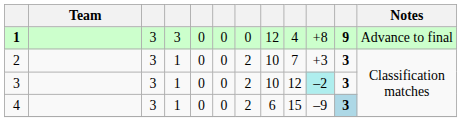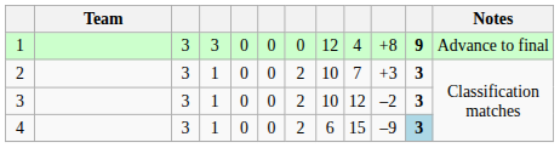 <table class="wikitable" style="text-align: center; font-size: 97%;">
 <tr>
 <th width="20"></th>
 <th width="120">Team</th>
 <th width="18"></th>
 <th width="22"></th>
 <th width="18"></th>
 <th width="18"></th>
 <th width="22"></th>
 <th width="18"></th>
 <th width="18"></th>
 <th width="25"></th>
 <th width="18"></th>
 <th width="105">Notes</th>
 </tr>
 <tr style="background-color: #ccffcc;">
-<td><strong>1</strong></td>
+<td>1</td>
 <td align=left></td>
 <td>3</td>
 <td>3</td>
 <td>0</td>
 <td>0</td>
 <td>0</td>
 <td>12</td>
 <td>4</td>
 <td>+8</td>
 <td><strong>9</strong></td>
 <td>Advance to final</td>
 </tr>
 <tr>
 <td>2</td>
 <td align=left></td>
 <td>3</td>
 <td>1</td>
 <td>0</td>
 <td>0</td>
 <td>2</td>
 <td>10</td>
 <td>7</td>
 <td>+3</td>
 <td><strong>3</strong></td>
 <td rowspan="3">Classification matches</td>
 </tr>
 <tr>
 <td>3</td>
 <td align=left></td>
 <td>3</td>
 <td>1</td>
 <td>0</td>
 <td>0</td>
 <td>2</td>
 <td>10</td>
 <td>12</td>
-<td style="background: paleturquoise;">–2</td>
+<td>–2</td>
 <td><strong>3</strong></td>
 </tr>
 <tr>
 <td>4</td>
 <td align=left></td>
 <td>3</td>
 <td>1</td>
 <td>0</td>
 <td>0</td>
 <td>2</td>
 <td>6</td>
 <td>15</td>
 <td>–9</td>
 <td style="background: lightblue;"><strong>3</strong></td>
 </tr>
 <tr>
 </tr>
 </table>
